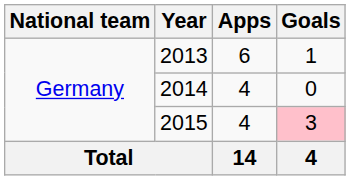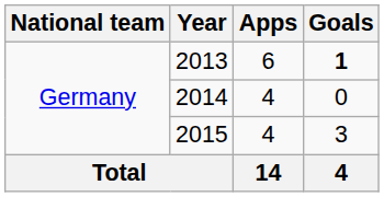 <table class="wikitable" style="text-align:center">
 <tr>
 <th>National team</th>
 <th>Year</th>
 <th>Apps</th>
 <th>Goals</th>
 </tr>
 <tr>
 <td rowspan="3"><a href='#'>Germany</a></td>
 <td>2013</td>
 <td>6</td>
-<td>1</td>
+<td><strong>1</strong></td>
 </tr>
 <tr>
 <td>2014</td>
 <td>4</td>
 <td>0</td>
 </tr>
 <tr>
 <td>2015</td>
 <td>4</td>
-<td style="background: pink;">3</td>
+<td>3</td>
 </tr>
 <tr>
 <th colspan="2">Total</th>
 <th>14</th>
 <th>4</th>
 </tr>
 </table>
